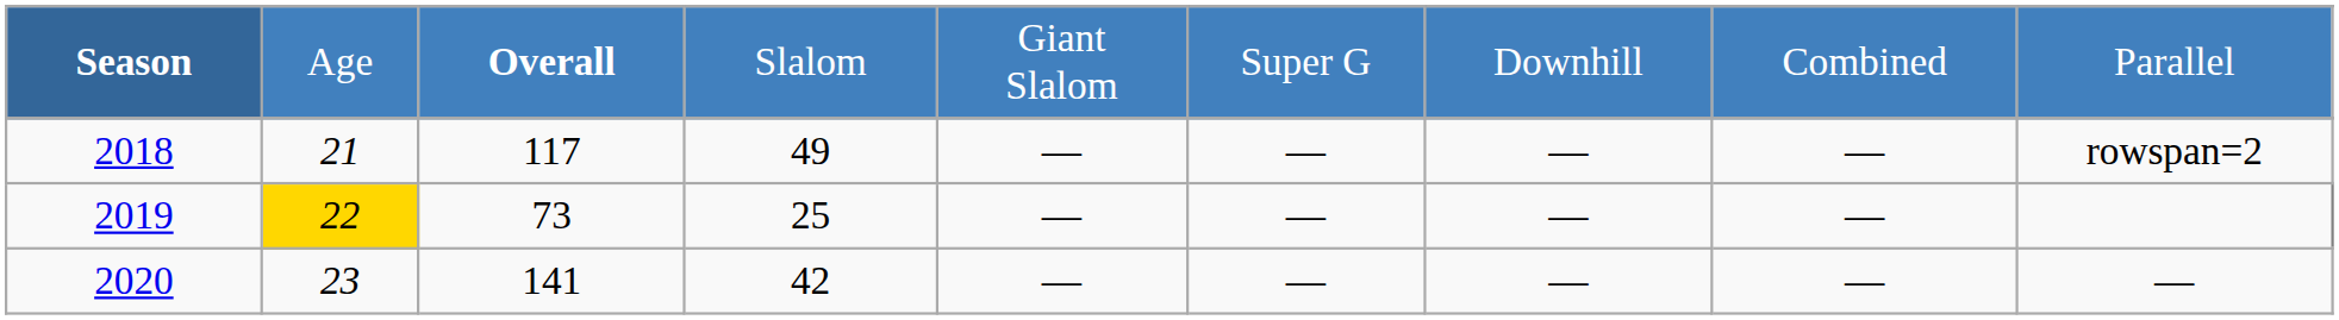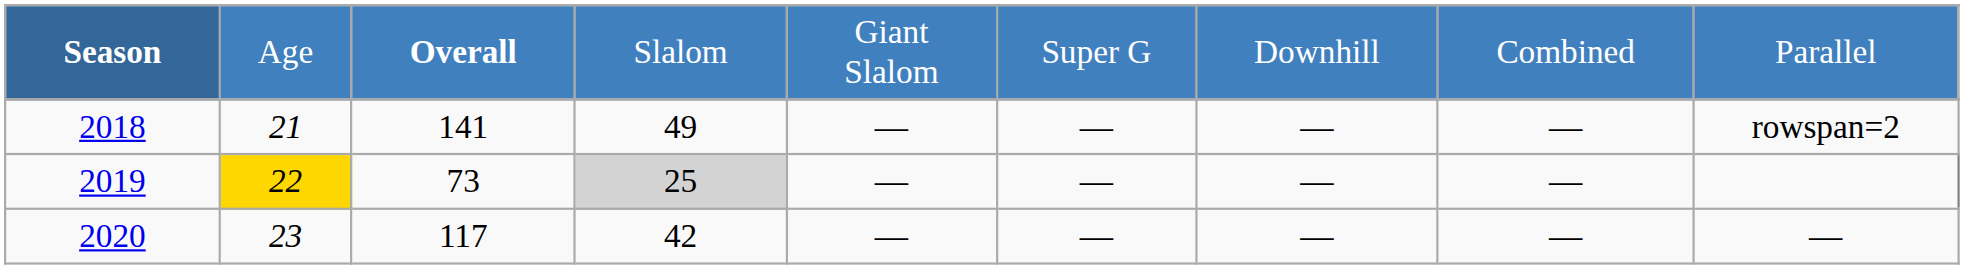 <table class="wikitable" style="font-size:95%; text-align:center; border:grey solid 1px; border-collapse:collapse;" width="45%">
 <tr style="background-color:#369; color:white;">
 <td rowspan="2" colspan="1" width="5%"><strong>Season</strong></td>
 </tr>
 <tr style="background-color:#4180be; color:white;">
 <td width="3%">Age</td>
 <td width="5%"><strong>Overall</strong></td>
 <td width="5%">Slalom</td>
 <td width="5%">Giant<br>Slalom</td>
 <td width="5%">Super G</td>
 <td width="5%">Downhill</td>
 <td width="5%">Combined</td>
 <td width="5%">Parallel</td>
 </tr>
 <tr style="background-color:#8CB2D8; color:white;">
 </tr>
 <tr>
 <td><a href='#'>2018</a></td>
 <td><em>21</em></td>
-<td>117</td>
+<td>141</td>
 <td>49</td>
 <td>—</td>
 <td>—</td>
 <td>—</td>
 <td>—</td>
 <td>rowspan=2 </td>
 </tr>
 <tr>
 <td><a href='#'>2019</a></td>
 <td style="background: gold;"><em>22</em></td>
 <td>73</td>
-<td>25</td>
+<td style="background: lightgrey;">25</td>
 <td>—</td>
 <td>—</td>
 <td>—</td>
 <td>—</td>
 </tr>
 <tr>
 <td><a href='#'>2020</a></td>
 <td><em>23</em></td>
-<td>141</td>
+<td>117</td>
 <td>42</td>
 <td>—</td>
 <td>—</td>
 <td>—</td>
 <td>—</td>
 <td>—</td>
 </tr>
 </table>
